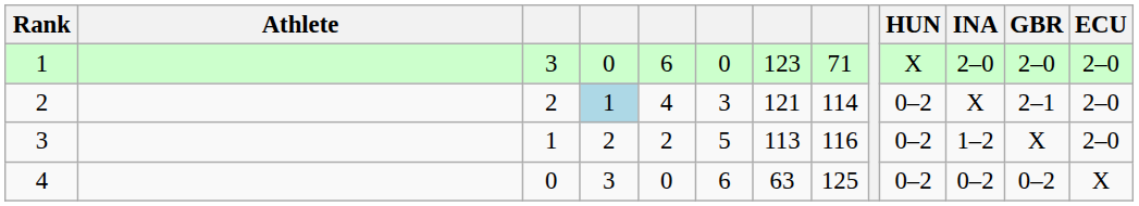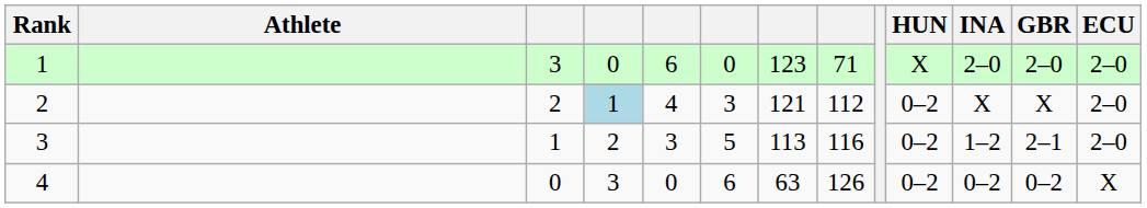 <table class="wikitable" style="text-align:center">
 <tr>
 <th width=40>Rank</th>
 <th width=280>Athlete</th>
 <th width=30></th>
 <th width=30></th>
 <th width=30></th>
 <th width=30></th>
 <th width=30></th>
 <th width=30></th>
 <th rowspan=5></th>
 <th width=30>HUN</th>
 <th width=30>INA</th>
 <th width=30>GBR</th>
 <th width=30>ECU</th>
 </tr>
 <tr style="background-color:#ccffcc;">
 <td>1</td>
 <td align=left></td>
 <td>3</td>
 <td>0</td>
 <td>6</td>
 <td>0</td>
 <td>123</td>
 <td>71</td>
 <td>X</td>
 <td>2–0</td>
 <td>2–0</td>
 <td>2–0</td>
 </tr>
 <tr>
 <td>2</td>
 <td align=left></td>
 <td>2</td>
 <td style="background: lightblue;">1</td>
 <td>4</td>
 <td>3</td>
 <td>121</td>
-<td>114</td>
+<td>112</td>
 <td>0–2</td>
 <td>X</td>
-<td>2–1</td>
+<td>X</td>
 <td>2–0</td>
 </tr>
 <tr>
 <td>3</td>
 <td align=left></td>
 <td>1</td>
 <td>2</td>
-<td>2</td>
+<td>3</td>
 <td>5</td>
 <td>113</td>
 <td>116</td>
 <td>0–2</td>
 <td>1–2</td>
-<td>X</td>
+<td>2–1</td>
 <td>2–0</td>
 </tr>
 <tr>
 <td>4</td>
 <td align=left></td>
 <td>0</td>
 <td>3</td>
 <td>0</td>
 <td>6</td>
 <td>63</td>
-<td>125</td>
+<td>126</td>
 <td>0–2</td>
 <td>0–2</td>
 <td>0–2</td>
 <td>X</td>
 </tr>
 </table>
